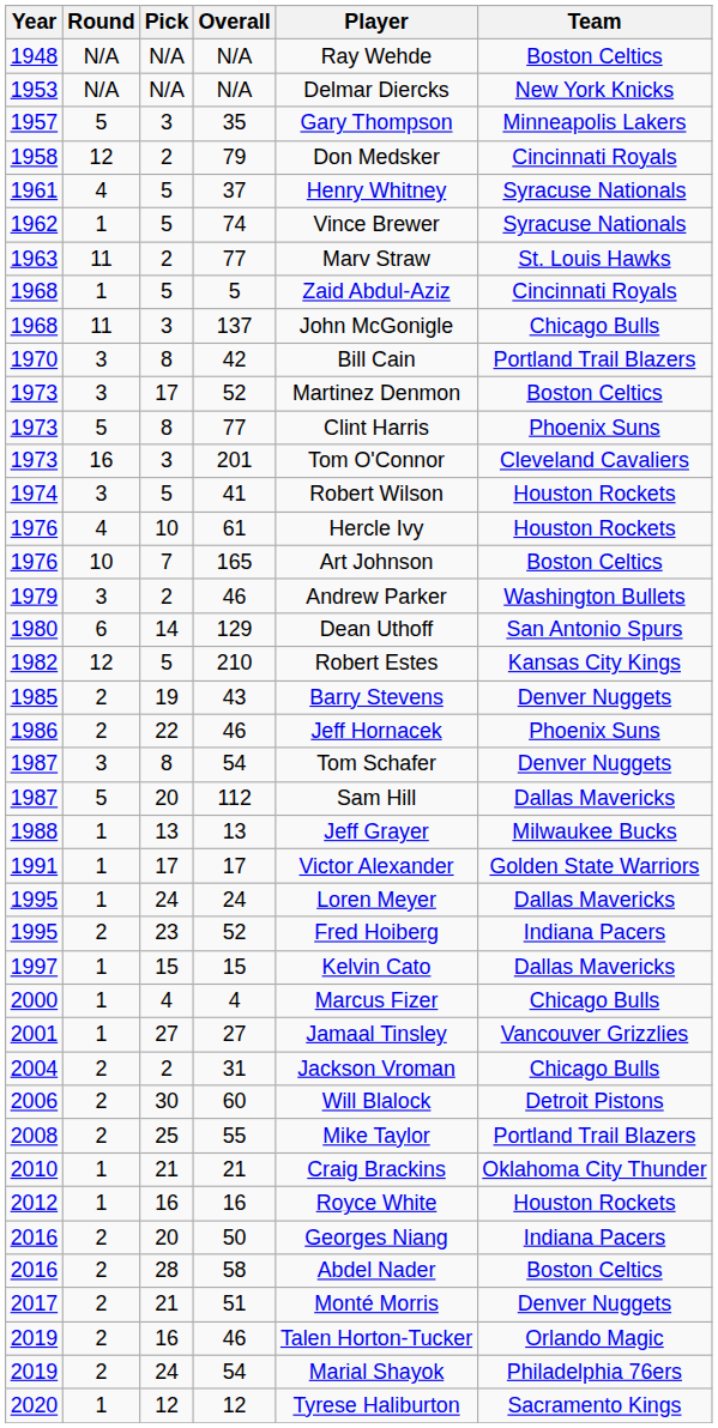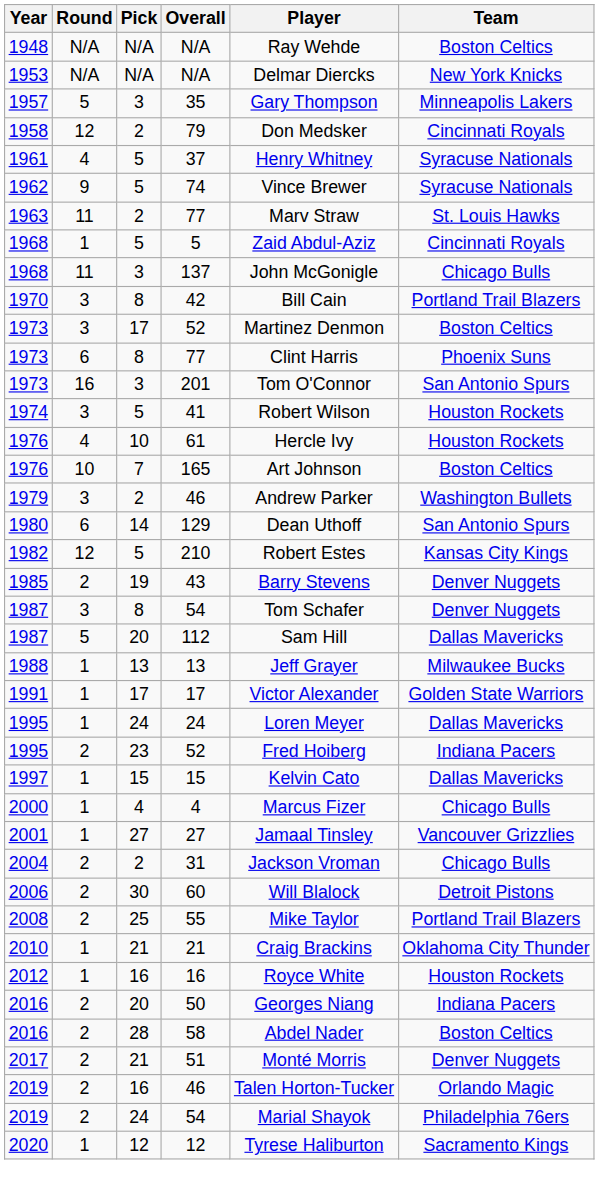 <table class="wikitable sortable sortable" style="text-align: center">
 <tr align=center>
 <th>Year</th>
 <th>Round</th>
 <th>Pick</th>
 <th>Overall</th>
 <th>Player</th>
 <th>Team</th>
 </tr>
 <tr>
 <td><a href='#'>1948</a></td>
 <td>N/A</td>
 <td>N/A</td>
 <td>N/A</td>
 <td>Ray Wehde</td>
 <td><a href='#'>Boston Celtics</a></td>
 </tr>
 <tr>
 <td><a href='#'>1953</a></td>
 <td>N/A</td>
 <td>N/A</td>
 <td>N/A</td>
 <td>Delmar Diercks</td>
 <td><a href='#'>New York Knicks</a></td>
 </tr>
 <tr>
 <td><a href='#'>1957</a></td>
 <td>5</td>
 <td>3</td>
 <td>35</td>
 <td><a href='#'>Gary Thompson</a></td>
 <td><a href='#'>Minneapolis Lakers</a></td>
 </tr>
 <tr>
 <td><a href='#'>1958</a></td>
 <td>12</td>
 <td>2</td>
 <td>79</td>
 <td>Don Medsker</td>
 <td><a href='#'>Cincinnati Royals</a></td>
 </tr>
 <tr>
 <td><a href='#'>1961</a></td>
 <td>4</td>
 <td>5</td>
 <td>37</td>
 <td><a href='#'>Henry Whitney</a></td>
 <td><a href='#'>Syracuse Nationals</a></td>
 </tr>
 <tr>
 <td><a href='#'>1962</a></td>
-<td>1</td>
+<td>9</td>
 <td>5</td>
 <td>74</td>
 <td>Vince Brewer</td>
 <td><a href='#'>Syracuse Nationals</a></td>
 </tr>
 <tr>
 <td><a href='#'>1963</a></td>
 <td>11</td>
 <td>2</td>
 <td>77</td>
 <td>Marv Straw</td>
 <td><a href='#'>St. Louis Hawks</a></td>
 </tr>
 <tr>
 <td><a href='#'>1968</a></td>
 <td>1</td>
 <td>5</td>
 <td>5</td>
 <td><a href='#'>Zaid Abdul-Aziz</a></td>
 <td><a href='#'>Cincinnati Royals</a></td>
 </tr>
 <tr>
 <td><a href='#'>1968</a></td>
 <td>11</td>
 <td>3</td>
 <td>137</td>
 <td>John McGonigle</td>
 <td><a href='#'>Chicago Bulls</a></td>
 </tr>
 <tr>
 <td><a href='#'>1970</a></td>
 <td>3</td>
 <td>8</td>
 <td>42</td>
 <td>Bill Cain</td>
 <td><a href='#'>Portland Trail Blazers</a></td>
 </tr>
 <tr>
 <td><a href='#'>1973</a></td>
 <td>3</td>
 <td>17</td>
 <td>52</td>
 <td>Martinez Denmon</td>
 <td><a href='#'>Boston Celtics</a></td>
 </tr>
 <tr>
 <td><a href='#'>1973</a></td>
-<td>5</td>
+<td>6</td>
 <td>8</td>
 <td>77</td>
 <td>Clint Harris</td>
 <td><a href='#'>Phoenix Suns</a></td>
 </tr>
 <tr>
 <td><a href='#'>1973</a></td>
 <td>16</td>
 <td>3</td>
 <td>201</td>
 <td>Tom O'Connor</td>
-<td><a href='#'>Cleveland Cavaliers</a></td>
+<td><a href='#'>San Antonio Spurs</a></td>
 </tr>
 <tr>
 <td><a href='#'>1974</a></td>
 <td>3</td>
 <td>5</td>
 <td>41</td>
 <td>Robert Wilson</td>
 <td><a href='#'>Houston Rockets</a></td>
 </tr>
 <tr>
 <td><a href='#'>1976</a></td>
 <td>4</td>
 <td>10</td>
 <td>61</td>
 <td>Hercle Ivy</td>
 <td><a href='#'>Houston Rockets</a></td>
 </tr>
 <tr>
 <td><a href='#'>1976</a></td>
 <td>10</td>
 <td>7</td>
 <td>165</td>
 <td>Art Johnson</td>
 <td><a href='#'>Boston Celtics</a></td>
 </tr>
 <tr>
 <td><a href='#'>1979</a></td>
 <td>3</td>
 <td>2</td>
 <td>46</td>
 <td>Andrew Parker</td>
 <td><a href='#'>Washington Bullets</a></td>
 </tr>
 <tr>
 <td><a href='#'>1980</a></td>
 <td>6</td>
 <td>14</td>
 <td>129</td>
 <td>Dean Uthoff</td>
 <td><a href='#'>San Antonio Spurs</a></td>
 </tr>
 <tr>
 <td><a href='#'>1982</a></td>
 <td>12</td>
 <td>5</td>
 <td>210</td>
 <td>Robert Estes</td>
 <td><a href='#'>Kansas City Kings</a></td>
 </tr>
 <tr>
 <td><a href='#'>1985</a></td>
 <td>2</td>
 <td>19</td>
 <td>43</td>
 <td><a href='#'>Barry Stevens</a></td>
 <td><a href='#'>Denver Nuggets</a></td>
-</tr>
-<tr>
-<td><a href='#'>1986</a></td>
-<td>2</td>
-<td>22</td>
-<td>46</td>
-<td><a href='#'>Jeff Hornacek</a></td>
-<td><a href='#'>Phoenix Suns</a></td>
 </tr>
 <tr>
 <td><a href='#'>1987</a></td>
 <td>3</td>
 <td>8</td>
 <td>54</td>
 <td>Tom Schafer</td>
 <td><a href='#'>Denver Nuggets</a></td>
 </tr>
 <tr>
 <td><a href='#'>1987</a></td>
 <td>5</td>
 <td>20</td>
 <td>112</td>
 <td>Sam Hill</td>
 <td><a href='#'>Dallas Mavericks</a></td>
 </tr>
 <tr>
 <td><a href='#'>1988</a></td>
 <td>1</td>
 <td>13</td>
 <td>13</td>
 <td><a href='#'>Jeff Grayer</a></td>
 <td><a href='#'>Milwaukee Bucks</a></td>
 </tr>
 <tr>
 <td><a href='#'>1991</a></td>
 <td>1</td>
 <td>17</td>
 <td>17</td>
 <td><a href='#'>Victor Alexander</a></td>
 <td><a href='#'>Golden State Warriors</a></td>
 </tr>
 <tr>
 <td><a href='#'>1995</a></td>
 <td>1</td>
 <td>24</td>
 <td>24</td>
 <td><a href='#'>Loren Meyer</a></td>
 <td><a href='#'>Dallas Mavericks</a></td>
 </tr>
 <tr>
 <td><a href='#'>1995</a></td>
 <td>2</td>
 <td>23</td>
 <td>52</td>
 <td><a href='#'>Fred Hoiberg</a></td>
 <td><a href='#'>Indiana Pacers</a></td>
 </tr>
 <tr>
 <td><a href='#'>1997</a></td>
 <td>1</td>
 <td>15</td>
 <td>15</td>
 <td><a href='#'>Kelvin Cato</a></td>
 <td><a href='#'>Dallas Mavericks</a></td>
 </tr>
 <tr>
 <td><a href='#'>2000</a></td>
 <td>1</td>
 <td>4</td>
 <td>4</td>
 <td><a href='#'>Marcus Fizer</a></td>
 <td><a href='#'>Chicago Bulls</a></td>
 </tr>
 <tr>
 <td><a href='#'>2001</a></td>
 <td>1</td>
 <td>27</td>
 <td>27</td>
 <td><a href='#'>Jamaal Tinsley</a></td>
 <td><a href='#'>Vancouver Grizzlies</a></td>
 </tr>
 <tr>
 <td><a href='#'>2004</a></td>
 <td>2</td>
 <td>2</td>
 <td>31</td>
 <td><a href='#'>Jackson Vroman</a></td>
 <td><a href='#'>Chicago Bulls</a></td>
 </tr>
 <tr>
 <td><a href='#'>2006</a></td>
 <td>2</td>
 <td>30</td>
 <td>60</td>
 <td><a href='#'>Will Blalock</a></td>
 <td><a href='#'>Detroit Pistons</a></td>
 </tr>
 <tr>
 <td><a href='#'>2008</a></td>
 <td>2</td>
 <td>25</td>
 <td>55</td>
 <td><a href='#'>Mike Taylor</a></td>
 <td><a href='#'>Portland Trail Blazers</a></td>
 </tr>
 <tr>
 <td><a href='#'>2010</a></td>
 <td>1</td>
 <td>21</td>
 <td>21</td>
 <td><a href='#'>Craig Brackins</a></td>
 <td><a href='#'>Oklahoma City Thunder</a></td>
 </tr>
 <tr>
 <td><a href='#'>2012</a></td>
 <td>1</td>
 <td>16</td>
 <td>16</td>
 <td><a href='#'>Royce White</a></td>
 <td><a href='#'>Houston Rockets</a></td>
 </tr>
 <tr>
 <td><a href='#'>2016</a></td>
 <td>2</td>
 <td>20</td>
 <td>50</td>
 <td><a href='#'>Georges Niang</a></td>
 <td><a href='#'>Indiana Pacers</a></td>
 </tr>
 <tr>
 <td><a href='#'>2016</a></td>
 <td>2</td>
 <td>28</td>
 <td>58</td>
 <td><a href='#'>Abdel Nader</a></td>
 <td><a href='#'>Boston Celtics</a></td>
 </tr>
 <tr>
 <td><a href='#'>2017</a></td>
 <td>2</td>
 <td>21</td>
 <td>51</td>
 <td><a href='#'>Monté Morris</a></td>
 <td><a href='#'>Denver Nuggets</a></td>
 </tr>
 <tr>
 <td><a href='#'>2019</a></td>
 <td>2</td>
 <td>16</td>
 <td>46</td>
 <td><a href='#'>Talen Horton-Tucker</a></td>
 <td><a href='#'>Orlando Magic</a></td>
 </tr>
 <tr>
 <td><a href='#'>2019</a></td>
 <td>2</td>
 <td>24</td>
 <td>54</td>
 <td><a href='#'>Marial Shayok</a></td>
 <td><a href='#'>Philadelphia 76ers</a></td>
 </tr>
 <tr>
 <td><a href='#'>2020</a></td>
 <td>1</td>
 <td>12</td>
 <td>12</td>
 <td><a href='#'>Tyrese Haliburton</a></td>
 <td><a href='#'>Sacramento Kings</a></td>
 </tr>
 </table>
